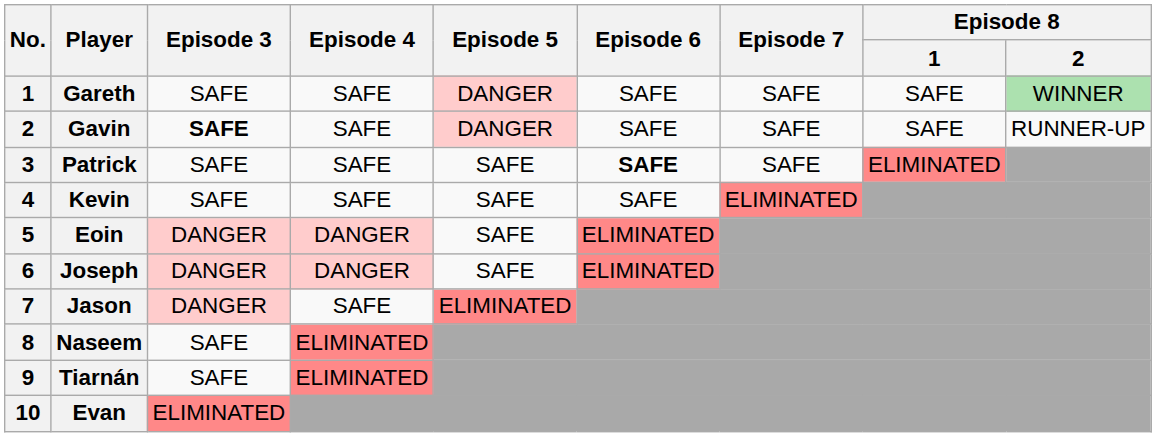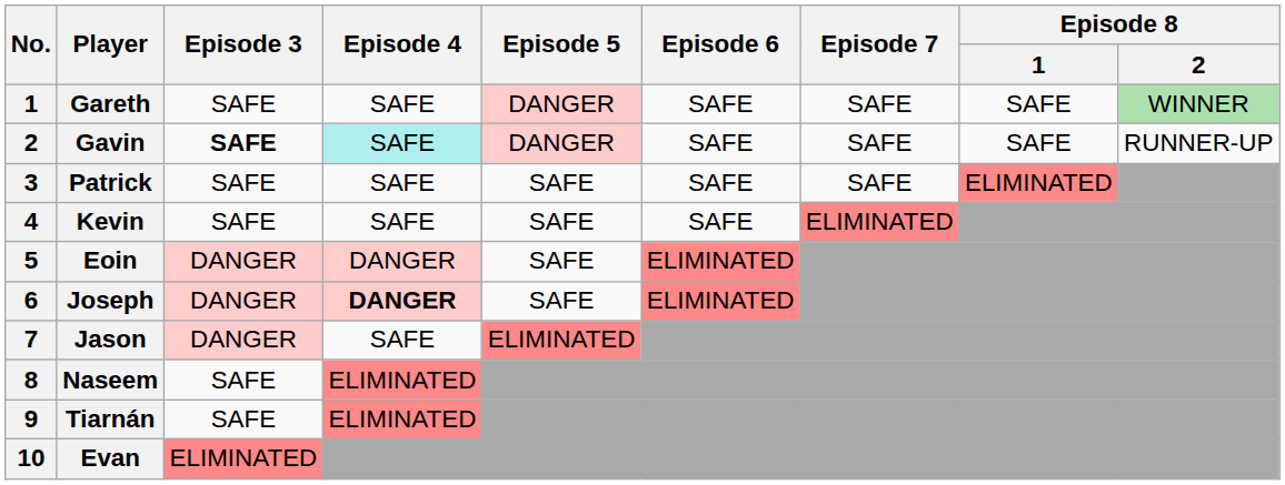 <table class="wikitable" style="text-align:center">
 <tr>
 <th rowspan="2">No.</th>
 <th rowspan="2">Player</th>
 <th rowspan="2">Episode 3</th>
 <th rowspan="2">Episode 4</th>
 <th rowspan="2">Episode 5</th>
 <th rowspan="2">Episode 6</th>
 <th rowspan="2">Episode 7</th>
 <th colspan="2">Episode 8</th>
 </tr>
 <tr>
 <th>1</th>
 <th>2</th>
 </tr>
 <tr>
 <th>1</th>
 <th>Gareth</th>
 <td>SAFE</td>
 <td>SAFE</td>
 <td style="background:#FFCCCC;">DANGER</td>
 <td>SAFE</td>
 <td>SAFE</td>
 <td>SAFE</td>
 <td style="background:#ACE1AF;">WINNER</td>
 </tr>
 <tr>
 <th>2</th>
 <th>Gavin</th>
 <td><strong>SAFE</strong></td>
-<td>SAFE</td>
+<td style="background: paleturquoise;">SAFE</td>
 <td style="background:#FFCCCC;">DANGER</td>
 <td>SAFE</td>
 <td>SAFE</td>
 <td>SAFE</td>
 <td>RUNNER-UP</td>
 </tr>
 <tr>
 <th>3</th>
 <th>Patrick</th>
 <td>SAFE</td>
 <td>SAFE</td>
 <td>SAFE</td>
-<td><strong>SAFE</strong></td>
+<td>SAFE</td>
 <td>SAFE</td>
 <td style="background:#FF8888;">ELIMINATED</td>
 <td style="background:darkgrey;"></td>
 </tr>
 <tr>
 <th>4</th>
 <th>Kevin</th>
 <td>SAFE</td>
 <td>SAFE</td>
 <td>SAFE</td>
 <td>SAFE</td>
 <td style="background:#FF8888;">ELIMINATED</td>
 <td colspan="2" style="background:darkgrey;"></td>
 </tr>
 <tr>
 <th>5</th>
 <th>Eoin</th>
 <td style="background:#FFCCCC;">DANGER</td>
 <td style="background:#FFCCCC;">DANGER</td>
 <td>SAFE</td>
 <td style="background:#FF8888;">ELIMINATED</td>
 <td colspan="3" style="background:darkgrey;"></td>
 </tr>
 <tr>
 <th>6</th>
 <th>Joseph</th>
 <td style="background:#FFCCCC;">DANGER</td>
-<td style="background:#FFCCCC;">DANGER</td>
+<td style="background:#FFCCCC;"><strong>DANGER</strong></td>
 <td>SAFE</td>
 <td style="background:#FF8888;">ELIMINATED</td>
 <td colspan="3" style="background:darkgrey;"></td>
 </tr>
 <tr>
 <th>7</th>
 <th>Jason</th>
 <td style="background:#FFCCCC;">DANGER</td>
 <td>SAFE</td>
 <td style="background:#FF8888;">ELIMINATED</td>
 <td colspan="4" style="background:darkgrey;"></td>
 </tr>
 <tr>
 <th>8</th>
 <th>Naseem</th>
 <td>SAFE</td>
 <td style="background:#FF8888;">ELIMINATED</td>
 <td colspan="5" style="background:darkgrey;"></td>
 </tr>
 <tr>
 <th>9</th>
 <th>Tiarnán</th>
 <td>SAFE</td>
 <td style="background:#FF8888;">ELIMINATED</td>
 <td colspan="5" style="background:darkgrey;"></td>
 </tr>
 <tr>
 <th>10</th>
 <th>Evan</th>
 <td style="background:#FF8888;">ELIMINATED</td>
 <td colspan="6" style="background:darkgrey;"></td>
 </tr>
 </table>
